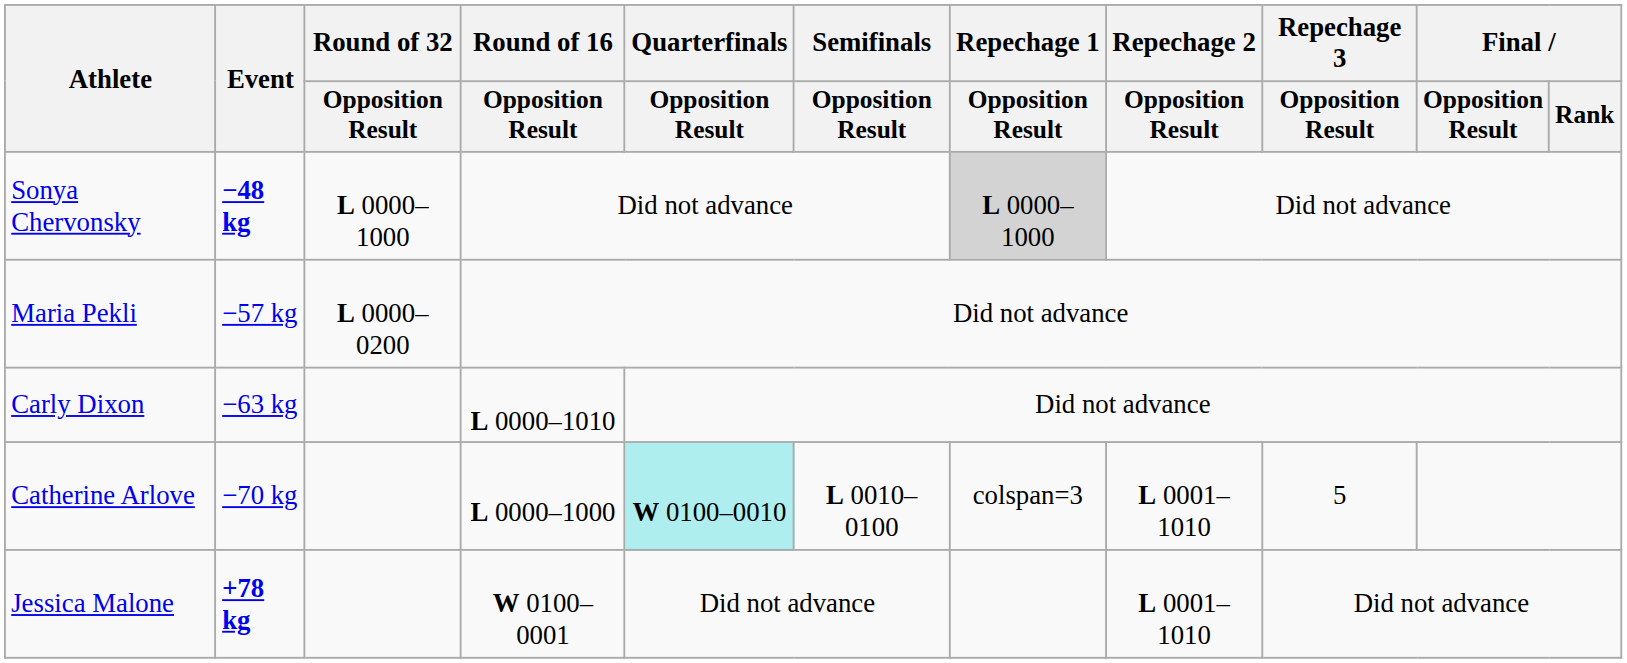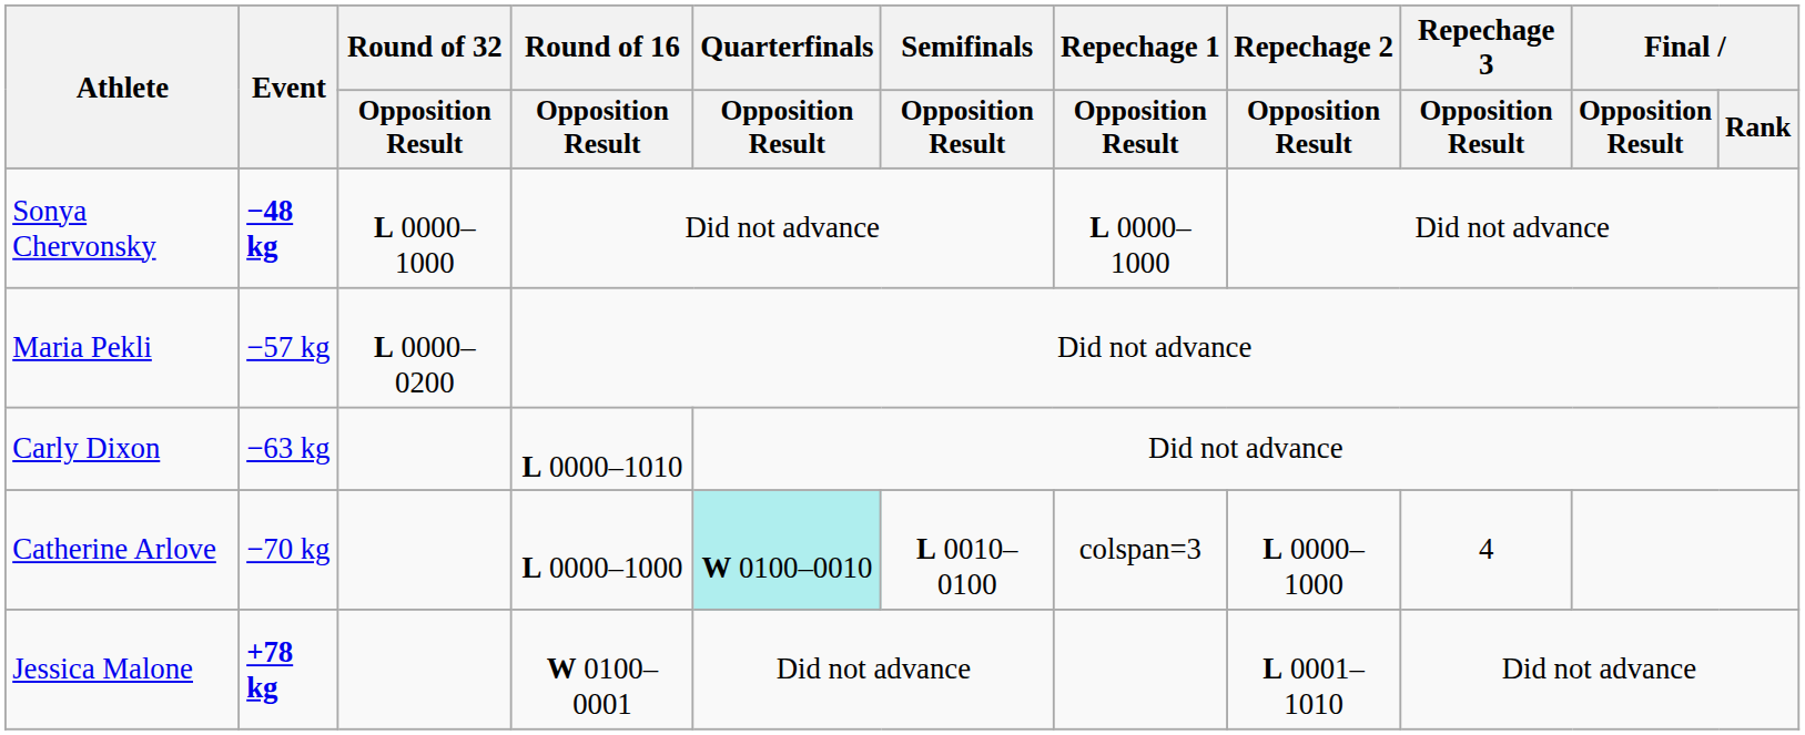 <table class="wikitable" style="font-size:90%">
 <tr>
 <th rowspan="2">Athlete</th>
 <th rowspan="2">Event</th>
 <th>Round of 32</th>
 <th>Round of 16</th>
 <th>Quarterfinals</th>
 <th>Semifinals</th>
 <th>Repechage 1</th>
 <th>Repechage 2</th>
 <th>Repechage 3</th>
 <th colspan=2>Final / </th>
 </tr>
 <tr style="font-size:95%">
 <th>Opposition<br>Result</th>
 <th>Opposition<br>Result</th>
 <th>Opposition<br>Result</th>
 <th>Opposition<br>Result</th>
 <th>Opposition<br>Result</th>
 <th>Opposition<br>Result</th>
 <th>Opposition<br>Result</th>
 <th>Opposition<br>Result</th>
 <th>Rank</th>
 </tr>
 <tr align=center>
 <td align=left><a href='#'>Sonya Chervonsky</a></td>
 <td align=left><strong><a href='#'>−48 kg</a></strong></td>
 <td><br><strong>L</strong> 0000–1000</td>
 <td colspan=3>Did not advance</td>
-<td style="background: lightgrey;"><br><strong>L</strong> 0000–1000</td>
+<td><br><strong>L</strong> 0000–1000</td>
 <td colspan=4>Did not advance</td>
 </tr>
 <tr align=center>
 <td align=left><a href='#'>Maria Pekli</a></td>
 <td align=left><a href='#'>−57 kg</a></td>
 <td><br><strong>L</strong> 0000–0200</td>
 <td colspan=8>Did not advance</td>
 </tr>
 <tr align=center>
 <td align=left><a href='#'>Carly Dixon</a></td>
 <td align=left><a href='#'>−63 kg</a></td>
 <td></td>
 <td><br><strong>L</strong> 0000–1010</td>
 <td colspan=7>Did not advance</td>
 </tr>
 <tr align=center>
 <td align=left><a href='#'>Catherine Arlove</a></td>
 <td align=left><a href='#'>−70 kg</a></td>
 <td></td>
 <td><br><strong>L</strong> 0000–1000</td>
 <td style="background: paleturquoise;"><br><strong>W</strong> 0100–0010</td>
 <td><br><strong>L</strong> 0010–0100</td>
 <td>colspan=3 </td>
-<td><br><strong>L</strong> 0001–1010</td>
-<td>5</td>
+<td><br><strong>L</strong> 0000–1000</td>
+<td>4</td>
 </tr>
 <tr align=center>
 <td align=left><a href='#'>Jessica Malone</a></td>
 <td align=left><strong><a href='#'>+78 kg</a></strong></td>
 <td></td>
 <td><br><strong>W</strong> 0100–0001</td>
 <td colspan=2>Did not advance</td>
 <td></td>
 <td><br><strong>L</strong> 0001–1010</td>
 <td colspan=3>Did not advance</td>
 </tr>
 </table>
